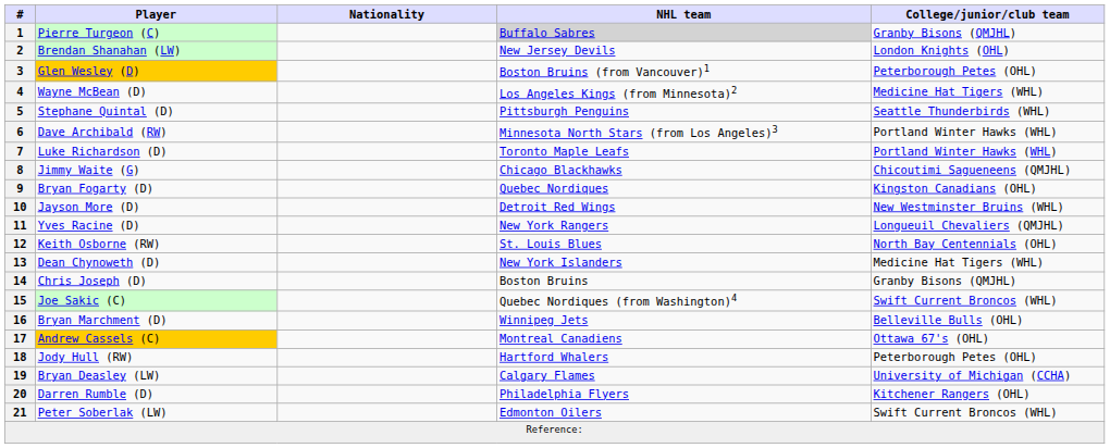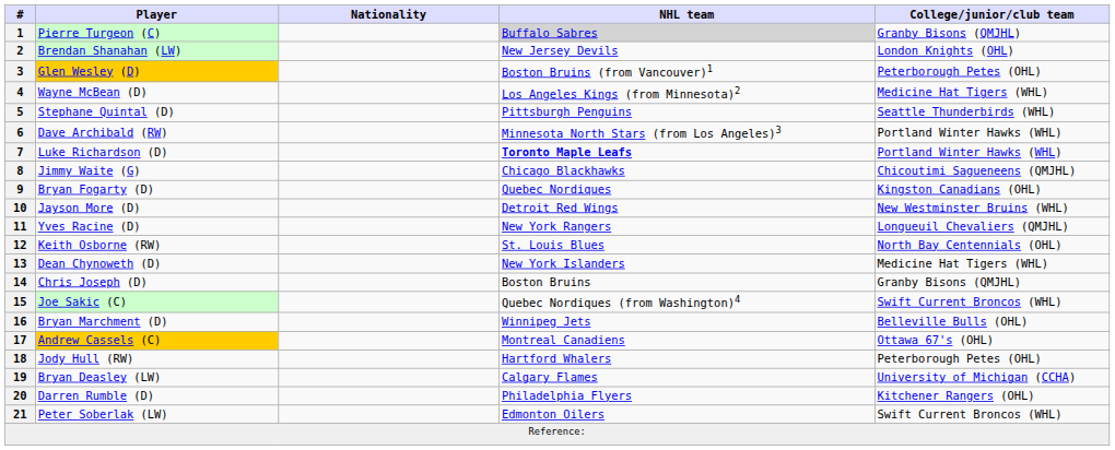 <table class="wikitable" style="width: 100%">
 <tr>
 <th style="background:#ddf; width:2.75%;">#</th>
 <th style="background:#ddf; width:22.0%;">Player</th>
 <th style="background:#ddf; width:20.0%;">Nationality</th>
 <th style="background:#ddf; width:34.0%;">NHL team</th>
 <th style="background:#ddf; width:100.0%;">College/junior/club team</th>
 </tr>
 <tr>
 <th>1</th>
 <td bgcolor="#CCFFCC"><a href='#'>Pierre Turgeon</a> (<a href='#'>C</a>)</td>
 <td></td>
 <td style="background: lightgrey;"><a href='#'>Buffalo Sabres</a></td>
 <td><a href='#'>Granby Bisons</a> (<a href='#'>QMJHL</a>)</td>
 </tr>
 <tr>
 <th>2</th>
 <td bgcolor="#CCFFCC"><a href='#'>Brendan Shanahan</a> (<a href='#'>LW</a>)</td>
 <td></td>
 <td><a href='#'>New Jersey Devils</a></td>
 <td><a href='#'>London Knights</a> (<a href='#'>OHL</a>)</td>
 </tr>
 <tr>
 <th>3</th>
 <td bgcolor="#FFCC00"><a href='#'>Glen Wesley</a> (<a href='#'>D</a>)</td>
 <td></td>
 <td><a href='#'>Boston Bruins</a> (from Vancouver)<sup>1</sup></td>
 <td><a href='#'>Peterborough Petes</a> (OHL)</td>
 </tr>
 <tr>
 <th>4</th>
 <td><a href='#'>Wayne McBean</a> (D)</td>
 <td></td>
 <td><a href='#'>Los Angeles Kings</a> (from Minnesota)<sup>2</sup></td>
 <td><a href='#'>Medicine Hat Tigers</a> (WHL)</td>
 </tr>
 <tr>
 <th>5</th>
 <td><a href='#'>Stephane Quintal</a> (D)</td>
 <td></td>
 <td><a href='#'>Pittsburgh Penguins</a></td>
 <td><a href='#'>Seattle Thunderbirds</a> (WHL)</td>
 </tr>
 <tr>
 <th>6</th>
 <td><a href='#'>Dave Archibald</a> (<a href='#'>RW</a>)</td>
 <td></td>
 <td><a href='#'>Minnesota North Stars</a> (from Los Angeles)<sup>3</sup></td>
 <td>Portland Winter Hawks (WHL)</td>
 </tr>
 <tr>
 <th>7</th>
 <td><a href='#'>Luke Richardson</a> (D)</td>
 <td></td>
-<td><a href='#'>Toronto Maple Leafs</a></td>
+<td><strong><a href='#'>Toronto Maple Leafs</a></strong></td>
 <td><a href='#'>Portland Winter Hawks</a> (<a href='#'>WHL</a>)</td>
 </tr>
 <tr>
 <th>8</th>
 <td><a href='#'>Jimmy Waite</a> (<a href='#'>G</a>)</td>
 <td></td>
 <td><a href='#'>Chicago Blackhawks</a></td>
 <td><a href='#'>Chicoutimi Sagueneens</a> (QMJHL)</td>
 </tr>
 <tr>
 <th>9</th>
 <td><a href='#'>Bryan Fogarty</a> (D)</td>
 <td></td>
 <td><a href='#'>Quebec Nordiques</a></td>
 <td><a href='#'>Kingston Canadians</a> (OHL)</td>
 </tr>
 <tr>
 <th>10</th>
 <td><a href='#'>Jayson More</a> (D)</td>
 <td></td>
 <td><a href='#'>Detroit Red Wings</a></td>
 <td><a href='#'>New Westminster Bruins</a> (WHL)</td>
 </tr>
 <tr>
 <th>11</th>
 <td><a href='#'>Yves Racine</a> (D)</td>
 <td></td>
 <td><a href='#'>New York Rangers</a></td>
 <td><a href='#'>Longueuil Chevaliers</a> (QMJHL)</td>
 </tr>
 <tr>
 <th>12</th>
 <td><a href='#'>Keith Osborne</a> (RW)</td>
 <td></td>
 <td><a href='#'>St. Louis Blues</a></td>
 <td><a href='#'>North Bay Centennials</a> (OHL)</td>
 </tr>
 <tr>
 <th>13</th>
 <td><a href='#'>Dean Chynoweth</a> (D)</td>
 <td></td>
 <td><a href='#'>New York Islanders</a></td>
 <td>Medicine Hat Tigers (WHL)</td>
 </tr>
 <tr>
 <th>14</th>
 <td><a href='#'>Chris Joseph</a> (D)</td>
 <td></td>
 <td>Boston Bruins</td>
 <td>Granby Bisons (QMJHL)</td>
 </tr>
 <tr>
 <th>15</th>
 <td bgcolor="#CCFFCC"><a href='#'>Joe Sakic</a> (C)</td>
 <td></td>
 <td>Quebec Nordiques (from Washington)<sup>4</sup></td>
 <td><a href='#'>Swift Current Broncos</a> (WHL)</td>
 </tr>
 <tr>
 <th>16</th>
 <td><a href='#'>Bryan Marchment</a> (D)</td>
 <td></td>
 <td><a href='#'>Winnipeg Jets</a></td>
 <td><a href='#'>Belleville Bulls</a> (OHL)</td>
 </tr>
 <tr>
 <th>17</th>
 <td style="background:#fc0;"><a href='#'>Andrew Cassels</a> (C)</td>
 <td></td>
 <td><a href='#'>Montreal Canadiens</a></td>
 <td><a href='#'>Ottawa 67's</a> (OHL)</td>
 </tr>
 <tr>
 <th>18</th>
 <td><a href='#'>Jody Hull</a> (RW)</td>
 <td></td>
 <td><a href='#'>Hartford Whalers</a></td>
 <td>Peterborough Petes (OHL)</td>
 </tr>
 <tr>
 <th>19</th>
 <td><a href='#'>Bryan Deasley</a> (LW)</td>
 <td></td>
 <td><a href='#'>Calgary Flames</a></td>
 <td><a href='#'>University of Michigan</a> (<a href='#'>CCHA</a>)</td>
 </tr>
 <tr>
 <th>20</th>
 <td><a href='#'>Darren Rumble</a> (D)</td>
 <td></td>
 <td><a href='#'>Philadelphia Flyers</a></td>
 <td><a href='#'>Kitchener Rangers</a> (OHL)</td>
 </tr>
 <tr>
 <th>21</th>
 <td><a href='#'>Peter Soberlak</a> (LW)</td>
 <td></td>
 <td><a href='#'>Edmonton Oilers</a></td>
 <td>Swift Current Broncos (WHL)</td>
 </tr>
 <tr>
 <td align=center colspan="6" bgcolor="#efefef"><sup>Reference:  </sup></td>
 </tr>
 </table>
